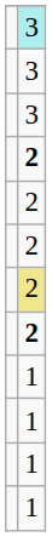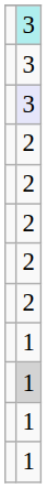 <table class="wikitable">
 <tr>
 </tr>
 <tr>
 <td><a href='#'><strong></strong></a></td>
 <td align=center style="background: paleturquoise;">3</td>
 </tr>
 <tr>
 <td><a href='#'><strong></strong></a></td>
 <td align=center>3</td>
 </tr>
 <tr>
 <td><a href='#'><strong></strong></a></td>
-<td align=center>3</td>
-</tr>
-<tr>
-<td><a href='#'><strong></strong></a></td>
-<td align=center><strong>2</strong></td>
+<td align=center style="background: lavender;">3</td>
 </tr>
 <tr>
 <td><a href='#'><strong></strong></a></td>
 <td align=center>2</td>
 </tr>
 <tr>
 <td><a href='#'><strong></strong></a></td>
 <td align=center>2</td>
 </tr>
 <tr>
 <td><a href='#'><strong></strong></a></td>
-<td align=center style="background: khaki;">2</td>
+<td align=center>2</td>
 </tr>
 <tr>
 <td><a href='#'><strong></strong></a></td>
-<td align=center><strong>2</strong></td>
+<td align=center>2</td>
+</tr>
+<tr>
+<td><a href='#'><strong></strong></a></td>
+<td align=center>2</td>
 </tr>
 <tr>
 <td><a href='#'><strong></strong></a></td>
 <td align=center>1</td>
 </tr>
 <tr>
 <td><a href='#'><strong></strong></a></td>
-<td align=center>1</td>
+<td align=center style="background: lightgrey;">1</td>
 </tr>
 <tr>
 <td><a href='#'><strong></strong></a></td>
 <td align=center>1</td>
 </tr>
 <tr>
 <td><a href='#'><strong></strong></a></td>
 <td align=center>1</td>
 </tr>
 </table>
